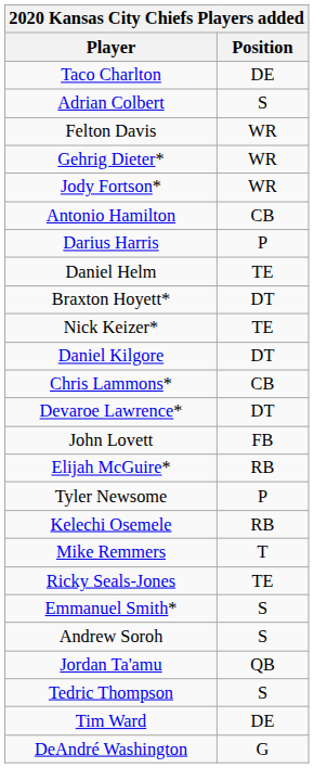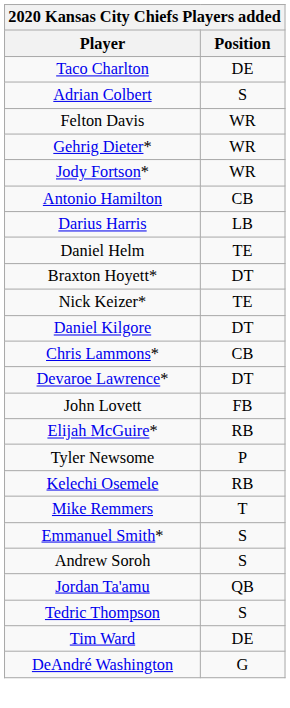 <table class="wikitable" style="text-align:center">
 <tr>
 <th colspan=2>2020 Kansas City Chiefs Players added</th>
 </tr>
 <tr>
 <th>Player</th>
 <th>Position</th>
 </tr>
 <tr>
 <td><a href='#'>Taco Charlton</a></td>
 <td>DE</td>
 </tr>
 <tr>
 <td><a href='#'>Adrian Colbert</a></td>
 <td>S</td>
 </tr>
 <tr>
 <td>Felton Davis</td>
 <td>WR</td>
 </tr>
 <tr>
 <td><a href='#'>Gehrig Dieter</a>*</td>
 <td>WR</td>
 </tr>
 <tr>
 <td><a href='#'>Jody Fortson</a>*</td>
 <td>WR</td>
 </tr>
 <tr>
 <td><a href='#'>Antonio Hamilton</a></td>
 <td>CB</td>
 </tr>
 <tr>
 <td><a href='#'>Darius Harris</a></td>
-<td>P</td>
+<td>LB</td>
 </tr>
 <tr>
 <td>Daniel Helm</td>
 <td>TE</td>
 </tr>
 <tr>
 <td>Braxton Hoyett*</td>
 <td>DT</td>
 </tr>
 <tr>
 <td>Nick Keizer*</td>
 <td>TE</td>
 </tr>
 <tr>
 <td><a href='#'>Daniel Kilgore</a></td>
 <td>DT</td>
 </tr>
 <tr>
 <td><a href='#'>Chris Lammons</a>*</td>
 <td>CB</td>
 </tr>
 <tr>
 <td><a href='#'>Devaroe Lawrence</a>*</td>
 <td>DT</td>
 </tr>
 <tr>
 <td>John Lovett</td>
 <td>FB</td>
 </tr>
 <tr>
 <td><a href='#'>Elijah McGuire</a>*</td>
 <td>RB</td>
 </tr>
 <tr>
 <td>Tyler Newsome</td>
 <td>P</td>
 </tr>
 <tr>
 <td><a href='#'>Kelechi Osemele</a></td>
 <td>RB</td>
 </tr>
 <tr>
 <td><a href='#'>Mike Remmers</a></td>
 <td>T</td>
 </tr>
 <tr>
-<td><a href='#'>Ricky Seals-Jones</a></td>
-<td>TE</td>
-</tr>
-<tr>
 <td><a href='#'>Emmanuel Smith</a>*</td>
 <td>S</td>
 </tr>
 <tr>
 <td>Andrew Soroh</td>
 <td>S</td>
 </tr>
 <tr>
 <td><a href='#'>Jordan Ta'amu</a></td>
 <td>QB</td>
 </tr>
 <tr>
 <td><a href='#'>Tedric Thompson</a></td>
 <td>S</td>
 </tr>
 <tr>
 <td><a href='#'>Tim Ward</a></td>
 <td>DE</td>
 </tr>
 <tr>
 <td><a href='#'>DeAndré Washington</a></td>
 <td>G</td>
 </tr>
 </table>
